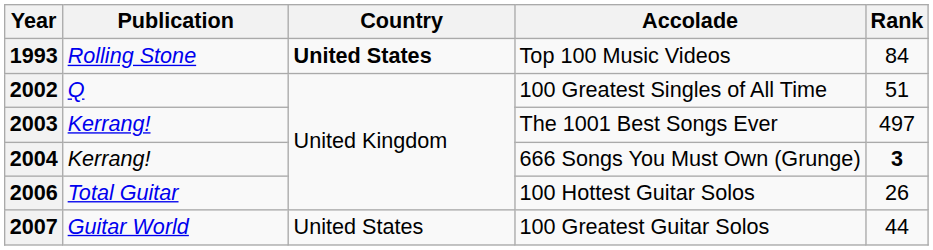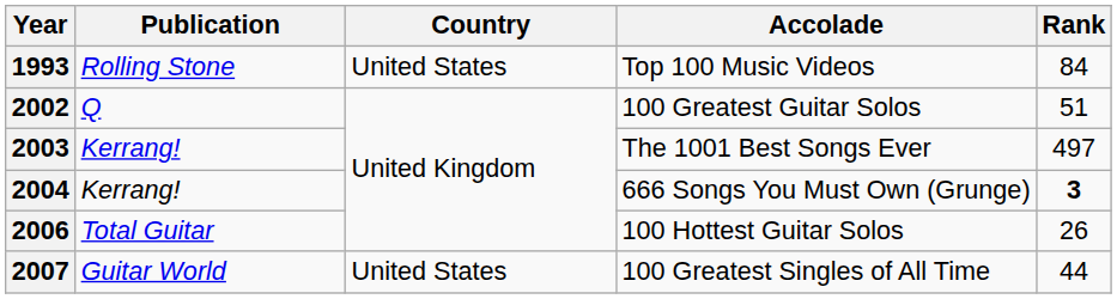 <table class="wikitable plainrowheaders" style="text-align:left;">
 <tr>
 <th scope="col">Year</th>
 <th scope="col" style="width:10em;">Publication</th>
 <th scope="col" style="width:10em;">Country</th>
 <th scope="col">Accolade</th>
 <th scope="col">Rank</th>
 </tr>
 <tr>
 <th scope="row">1993</th>
 <td><em><a href='#'>Rolling Stone</a></em></td>
-<td><strong>United States</strong></td>
+<td>United States</td>
 <td>Top 100 Music Videos</td>
 <td style="text-align:center;">84</td>
 </tr>
 <tr>
 <th scope="row">2002</th>
 <td><em><a href='#'>Q</a></em></td>
 <td rowspan="4">United Kingdom</td>
-<td>100 Greatest Singles of All Time</td>
+<td>100 Greatest Guitar Solos</td>
 <td style="text-align:center;">51</td>
 </tr>
 <tr>
 <th scope="row">2003</th>
 <td><em><a href='#'>Kerrang!</a></em></td>
 <td>The 1001 Best Songs Ever</td>
 <td style="text-align:center;">497</td>
 </tr>
 <tr>
 <th scope="row">2004</th>
 <td><em>Kerrang!</em></td>
 <td>666 Songs You Must Own (Grunge)</td>
 <td style="text-align:center;"><strong>3</strong></td>
 </tr>
 <tr>
 <th scope="row">2006</th>
 <td><em><a href='#'>Total Guitar</a></em></td>
 <td>100 Hottest Guitar Solos</td>
 <td style="text-align:center;">26</td>
 </tr>
 <tr>
 <th scope="row">2007</th>
 <td><em><a href='#'>Guitar World</a></em></td>
 <td>United States</td>
-<td>100 Greatest Guitar Solos</td>
+<td>100 Greatest Singles of All Time</td>
 <td style="text-align:center;">44</td>
 </tr>
 </table>
